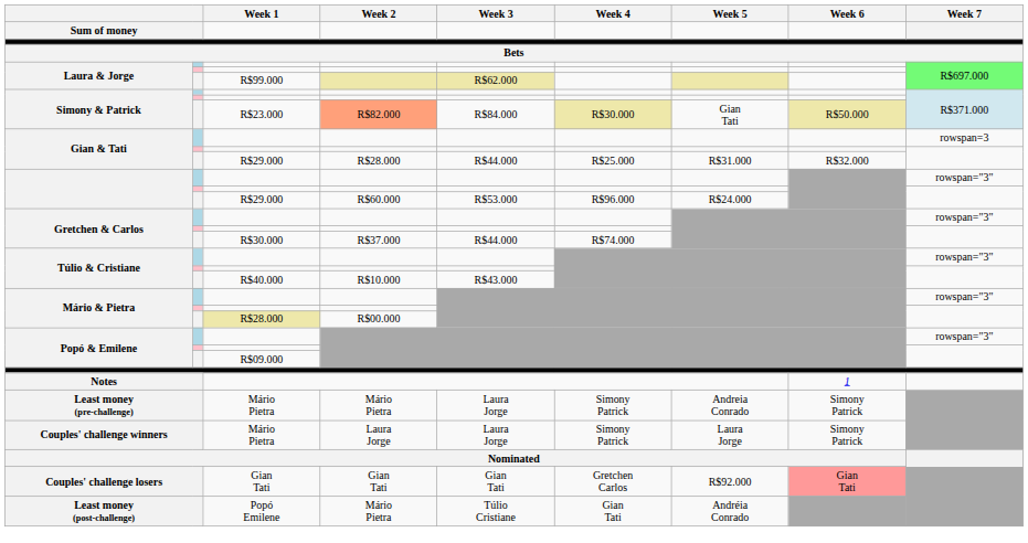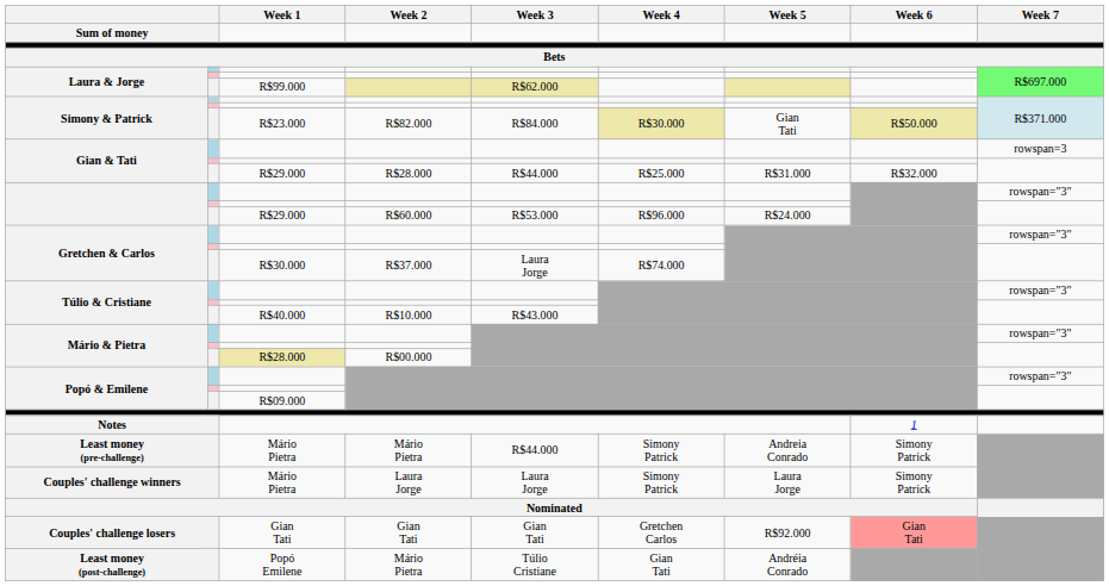 <table class="wikitable" style="text-align:center; font-size:85%; width:100%; line-height:15px;">
 <tr>
 <th style="width:11.0%" colspan=2></th>
 <th style="width:06.5%">Week 1</th>
 <th style="width:06.5%">Week 2</th>
 <th style="width:06.5%">Week 3</th>
 <th style="width:06.5%">Week 4</th>
 <th style="width:06.5%">Week 5</th>
 <th style="width:06.5%">Week 6</th>
 <th style="width:06.5%">Week 7</th>
 </tr>
 <tr>
 <th colspan=2>Sum of money</th>
 <td></td>
 <td></td>
 <td></td>
 <td></td>
 <td></td>
 <td></td>
 <th></th>
 </tr>
 <tr>
 <td bgcolor=000000 colspan=9></td>
 </tr>
 <tr>
 <th colspan=9>Bets</th>
 </tr>
 <tr>
 <th rowspan=3>Laura & Jorge</th>
 <td bgcolor=ADD8E6></td>
 <td></td>
 <td></td>
 <td></td>
 <td></td>
 <td></td>
 <td></td>
 <td bgcolor=73FB76 rowspan=3>R$697.000</td>
 </tr>
 <tr>
 <td bgcolor=FFC0CB></td>
 <td></td>
 <td></td>
 <td></td>
 <td></td>
 <td></td>
 <td></td>
 </tr>
 <tr>
 <th></th>
 <td>R$99.000</td>
 <td bgcolor=EEE8AA></td>
 <td bgcolor=EEE8AA>R$62.000</td>
 <td></td>
 <td bgcolor=EEE8AA></td>
 <td></td>
 </tr>
 <tr>
 <th rowspan=3>Simony & Patrick</th>
 <td bgcolor=ADD8E6></td>
 <td></td>
 <td></td>
 <td></td>
 <td></td>
 <td></td>
 <td></td>
 <td bgcolor=D1E8EF rowspan=3>R$371.000</td>
 </tr>
 <tr>
 <td bgcolor=FFC0CB></td>
 <td></td>
 <td></td>
 <td></td>
 <td></td>
 <td></td>
 <td></td>
 </tr>
 <tr>
 <th></th>
 <td>R$23.000</td>
-<td style="background: lightsalmon;">R$82.000</td>
+<td>R$82.000</td>
 <td>R$84.000</td>
 <td bgcolor=EEE8AA>R$30.000</td>
 <td>Gian<br>Tati</td>
 <td bgcolor=EEE8AA>R$50.000</td>
 </tr>
 <tr>
 <th rowspan=3>Gian & Tati</th>
 <td bgcolor=ADD8E6></td>
 <td></td>
 <td></td>
 <td></td>
 <td></td>
 <td></td>
 <td></td>
 <td>rowspan=3 </td>
 </tr>
 <tr>
 <td bgcolor=FFC0CB></td>
 <td></td>
 <td></td>
 <td></td>
 <td></td>
 <td></td>
 <td></td>
 </tr>
 <tr>
 <th></th>
 <td>R$29.000</td>
 <td>R$28.000</td>
 <td>R$44.000</td>
 <td>R$25.000</td>
 <td>R$31.000</td>
 <td>R$32.000</td>
 </tr>
 <tr>
 <th rowspan=3></th>
 <td bgcolor=ADD8E6></td>
 <td></td>
 <td></td>
 <td></td>
 <td></td>
 <td></td>
 <td rowspan="3" bgcolor="A9A9A9"></td>
 <td>rowspan="3" </td>
 </tr>
 <tr>
 <td bgcolor=FFC0CB></td>
 <td></td>
 <td></td>
 <td></td>
 <td></td>
 <td></td>
 </tr>
 <tr>
 <th></th>
 <td>R$29.000</td>
 <td>R$60.000</td>
 <td>R$53.000</td>
 <td>R$96.000</td>
 <td>R$24.000</td>
 </tr>
 <tr>
 <th rowspan=3>Gretchen & Carlos</th>
 <td bgcolor=ADD8E6></td>
 <td></td>
 <td></td>
 <td></td>
 <td></td>
 <td colspan="2" rowspan="3" bgcolor="A9A9A9"></td>
 <td>rowspan="3" </td>
 </tr>
 <tr>
 <td bgcolor=FFC0CB></td>
 <td></td>
 <td></td>
 <td></td>
 <td></td>
 </tr>
 <tr>
 <th></th>
 <td>R$30.000</td>
 <td>R$37.000</td>
-<td>R$44.000</td>
+<td>Laura<br>Jorge</td>
 <td>R$74.000</td>
 </tr>
 <tr>
 <th rowspan=3>Túlio & Cristiane</th>
 <td bgcolor=ADD8E6></td>
 <td></td>
 <td></td>
 <td></td>
 <td colspan="3" rowspan="3" bgcolor="A9A9A9"></td>
 <td>rowspan="3" </td>
 </tr>
 <tr>
 <td bgcolor=FFC0CB></td>
 <td></td>
 <td></td>
 <td></td>
 </tr>
 <tr>
 <th></th>
 <td>R$40.000</td>
 <td>R$10.000</td>
 <td>R$43.000</td>
 </tr>
 <tr>
 <th rowspan=3>Mário & Pietra</th>
 <td bgcolor=ADD8E6></td>
 <td></td>
 <td></td>
 <td colspan="4" rowspan="3" bgcolor="A9A9A9"></td>
 <td>rowspan="3" </td>
 </tr>
 <tr>
 <td bgcolor=FFC0CB></td>
 <td></td>
 <td></td>
 </tr>
 <tr>
 <th></th>
 <td bgcolor=EEE8AA>R$28.000</td>
 <td>R$00.000</td>
 </tr>
 <tr>
 <th rowspan=3>Popó & Emilene</th>
 <td bgcolor=ADD8E6></td>
 <td></td>
 <td colspan="5" rowspan="3" bgcolor="A9A9A9"></td>
 <td>rowspan="3" </td>
 </tr>
 <tr>
 <td bgcolor=FFC0CB></td>
 <td></td>
 </tr>
 <tr>
 <th></th>
 <td>R$09.000</td>
 </tr>
 <tr>
 <td bgcolor=000000 colspan=9></td>
 </tr>
 <tr>
 <th colspan=2>Notes</th>
 <td colspan=5></td>
 <td><em><a href='#'>1</a></em></td>
 <td></td>
 </tr>
 <tr>
 <th colspan=2>Least money<br><small>(pre-challenge)</small></th>
 <td>Mário<br>Pietra</td>
 <td>Mário<br>Pietra</td>
-<td>Laura<br>Jorge</td>
+<td>R$44.000</td>
 <td>Simony<br>Patrick</td>
 <td>Andreia<br>Conrado</td>
 <td>Simony<br>Patrick</td>
 <td bgcolor=A9A9A9 rowspan=5></td>
 </tr>
 <tr>
 <th colspan=2>Couples' challenge winners</th>
 <td>Mário<br>Pietra</td>
 <td>Laura<br>Jorge</td>
 <td>Laura<br>Jorge</td>
 <td>Simony<br>Patrick</td>
 <td>Laura<br>Jorge</td>
 <td>Simony<br>Patrick</td>
 </tr>
 <tr>
 <th colspan=9>Nominated</th>
 </tr>
 <tr>
 <th colspan=2>Couples' challenge losers</th>
 <td>Gian<br>Tati</td>
 <td>Gian<br>Tati</td>
 <td>Gian<br>Tati</td>
 <td>Gretchen<br>Carlos</td>
 <td>R$92.000</td>
 <td bgcolor=FF9999>Gian<br>Tati</td>
 </tr>
 <tr>
 <th colspan=2>Least money<br><small>(post-challenge)</small></th>
 <td>Popó<br>Emilene</td>
 <td>Mário<br>Pietra</td>
 <td>Túlio<br>Cristiane</td>
 <td>Gian<br>Tati</td>
 <td>Andréia<br>Conrado</td>
 <td bgcolor=A9A9A9></td>
 </tr>
 </table>
